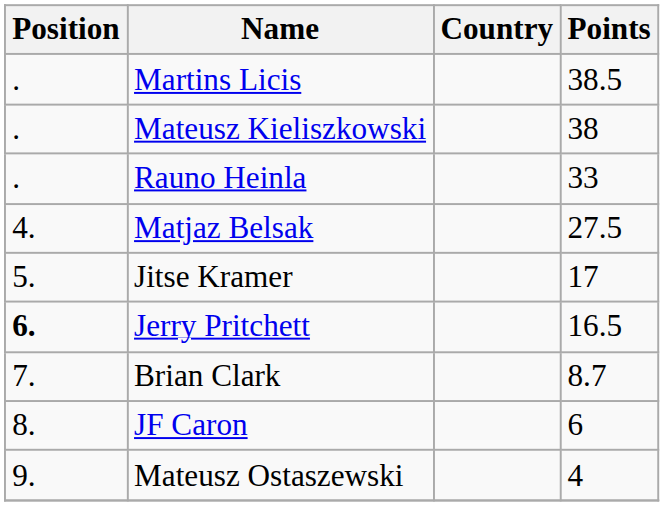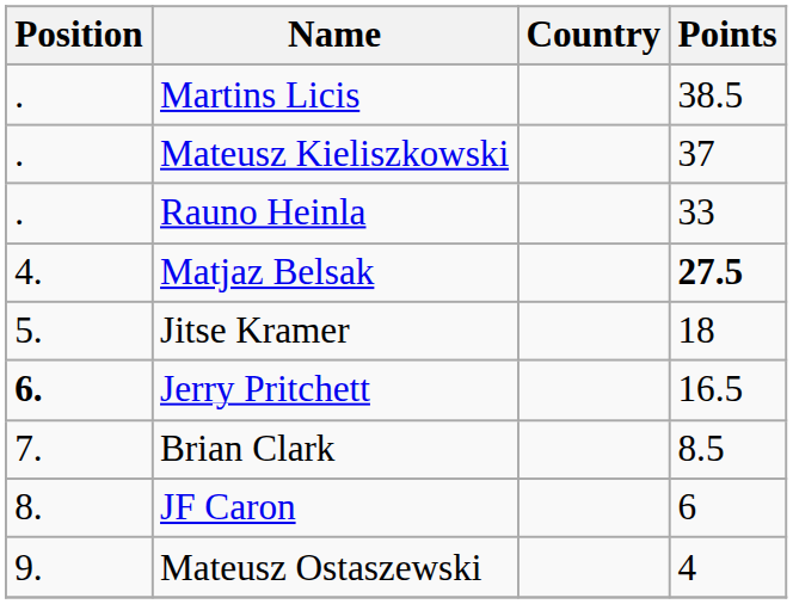 <table class="wikitable" style="display: inline-table">
 <tr>
 <th>Position</th>
 <th>Name</th>
 <th>Country</th>
 <th>Points</th>
 </tr>
 <tr>
 <td>.</td>
 <td><a href='#'>Martins Licis</a></td>
 <td></td>
 <td>38.5</td>
 </tr>
 <tr>
 <td>.</td>
 <td><a href='#'>Mateusz Kieliszkowski</a></td>
 <td></td>
-<td>38</td>
+<td>37</td>
 </tr>
 <tr>
 <td>.</td>
 <td><a href='#'>Rauno Heinla</a></td>
 <td></td>
 <td>33</td>
 </tr>
 <tr>
 <td>4.</td>
 <td><a href='#'>Matjaz Belsak</a></td>
 <td></td>
-<td>27.5</td>
+<td><strong>27.5</strong></td>
 </tr>
 <tr>
 <td>5.</td>
 <td>Jitse Kramer</td>
 <td></td>
-<td>17</td>
+<td>18</td>
 </tr>
 <tr>
 <td><strong>6.</strong></td>
 <td><a href='#'>Jerry Pritchett</a></td>
 <td></td>
 <td>16.5</td>
 </tr>
 <tr>
 <td>7.</td>
 <td>Brian Clark</td>
 <td></td>
-<td>8.7</td>
+<td>8.5</td>
 </tr>
 <tr>
 <td>8.</td>
 <td><a href='#'>JF Caron</a></td>
 <td></td>
 <td>6</td>
 </tr>
 <tr>
 <td>9.</td>
 <td>Mateusz Ostaszewski</td>
 <td></td>
 <td>4</td>
 </tr>
 <tr>
 </tr>
 </table>
